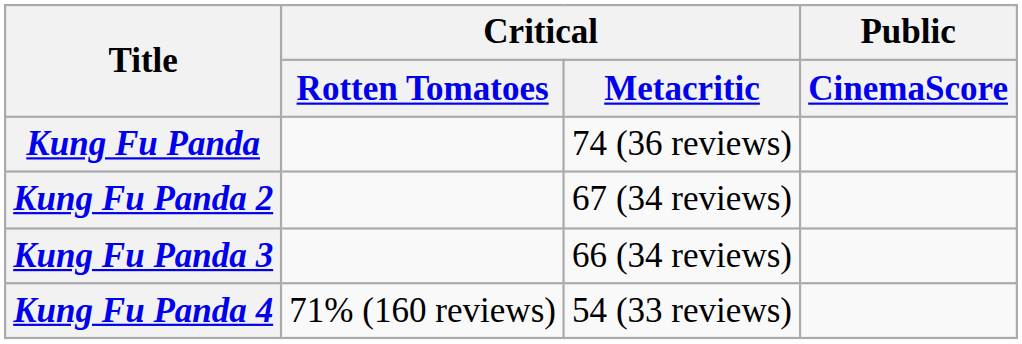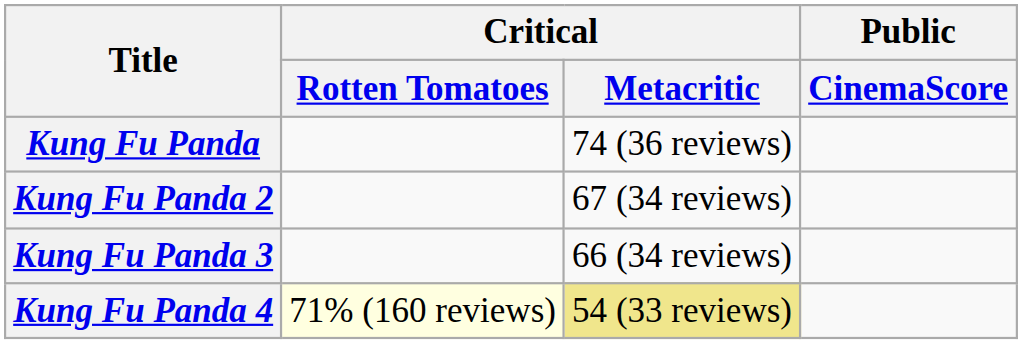 <table class="wikitable plainrowheaders sortable" style="text-align:center">
 <tr>
 <th scope="col" rowspan="2">Title</th>
 <th scope="col" colspan="2">Critical</th>
 <th scope="col">Public</th>
 </tr>
 <tr>
 <th scope="col"><a href='#'>Rotten Tomatoes</a></th>
 <th scope="col"><a href='#'>Metacritic</a></th>
 <th scope="col"><a href='#'>CinemaScore</a></th>
 </tr>
 <tr>
 <th scope="row"><em><a href='#'>Kung Fu Panda</a></em></th>
 <td></td>
 <td>74 (36 reviews)</td>
 <td></td>
 </tr>
 <tr>
 <th scope="row"><em><a href='#'>Kung Fu Panda 2</a></em></th>
 <td></td>
 <td>67 (34 reviews)</td>
 <td></td>
 </tr>
 <tr>
 <th scope="row"><em><a href='#'>Kung Fu Panda 3</a></em></th>
 <td></td>
 <td>66 (34 reviews)</td>
 <td></td>
 </tr>
 <tr>
 <th scope="row"><em><a href='#'>Kung Fu Panda 4</a></em></th>
-<td>71% (160 reviews)</td>
-<td>54 (33 reviews)</td>
+<td style="background: lightyellow;">71% (160 reviews)</td>
+<td style="background: khaki;">54 (33 reviews)</td>
 <td></td>
 </tr>
 </table>
